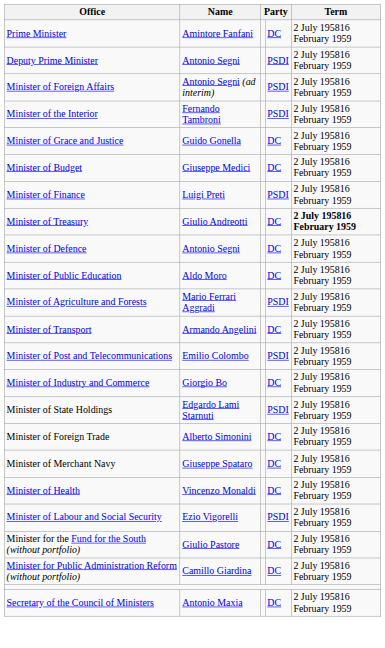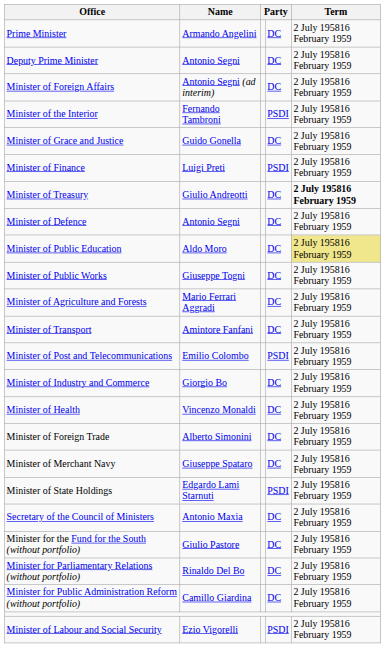 <table class="wikitable">
 <tr>
 <th>Office</th>
 <th>Name</th>
 <th colspan=2>Party</th>
 <th>Term</th>
 </tr>
 <tr>
 <td><a href='#'>Prime Minister</a></td>
-<td><a href='#'>Amintore Fanfani</a></td>
+<td><a href='#'>Armando Angelini</a></td>
 <td></td>
 <td><a href='#'>DC</a></td>
 <td>2 July 195816 February 1959</td>
 </tr>
 <tr>
 <td><a href='#'>Deputy Prime Minister</a></td>
 <td><a href='#'>Antonio Segni</a></td>
 <td></td>
-<td><a href='#'>PSDI</a></td>
+<td><a href='#'>DC</a></td>
 <td>2 July 195816 February 1959</td>
 </tr>
 <tr>
 <td><a href='#'>Minister of Foreign Affairs</a></td>
 <td><a href='#'>Antonio Segni</a> <em>(ad interim)</em></td>
 <td style="color:inherit;background:"></td>
-<td><a href='#'>PSDI</a></td>
+<td><a href='#'>DC</a></td>
 <td>2 July 195816 February 1959</td>
 </tr>
 <tr>
 <td><a href='#'>Minister of the Interior</a></td>
 <td><a href='#'>Fernando Tambroni</a></td>
 <td style="color:inherit;background:"></td>
 <td><a href='#'>PSDI</a></td>
 <td>2 July 195816 February 1959</td>
 </tr>
 <tr>
 <td><a href='#'>Minister of Grace and Justice</a></td>
 <td><a href='#'>Guido Gonella</a></td>
 <td style="color:inherit;background:"></td>
-<td><a href='#'>DC</a></td>
-<td>2 July 195816 February 1959</td>
-</tr>
-<tr>
-<td><a href='#'>Minister of Budget</a></td>
-<td><a href='#'>Giuseppe Medici</a></td>
-<td></td>
 <td><a href='#'>DC</a></td>
 <td>2 July 195816 February 1959</td>
 </tr>
 <tr>
 <td><a href='#'>Minister of Finance</a></td>
 <td><a href='#'>Luigi Preti</a></td>
 <td style="color:inherit;background:"></td>
 <td><a href='#'>PSDI</a></td>
 <td>2 July 195816 February 1959</td>
 </tr>
 <tr>
 <td><a href='#'>Minister of Treasury</a></td>
 <td><a href='#'>Giulio Andreotti</a></td>
 <td></td>
 <td><a href='#'>DC</a></td>
 <td><strong>2 July 195816 February 1959</strong></td>
 </tr>
 <tr>
 <td><a href='#'>Minister of Defence</a></td>
 <td><a href='#'>Antonio Segni</a></td>
 <td style="color:inherit;background:"></td>
 <td><a href='#'>DC</a></td>
 <td>2 July 195816 February 1959</td>
 </tr>
 <tr>
 <td><a href='#'>Minister of Public Education</a></td>
 <td><a href='#'>Aldo Moro</a></td>
 <td style="color:inherit;background:"></td>
 <td><a href='#'>DC</a></td>
+<td style="background: khaki;">2 July 195816 February 1959</td>
+</tr>
+<tr>
+<td><a href='#'>Minister of Public Works</a></td>
+<td><a href='#'>Giuseppe Togni</a></td>
+<td style="color:inherit;background:"></td>
+<td><a href='#'>DC</a></td>
 <td>2 July 195816 February 1959</td>
 </tr>
 <tr>
 <td><a href='#'>Minister of Agriculture and Forests</a></td>
 <td><a href='#'>Mario Ferrari Aggradi</a></td>
 <td style="color:inherit;background:"></td>
-<td><a href='#'>PSDI</a></td>
+<td><a href='#'>DC</a></td>
 <td>2 July 195816 February 1959</td>
 </tr>
 <tr>
 <td><a href='#'>Minister of Transport</a></td>
-<td><a href='#'>Armando Angelini</a></td>
+<td><a href='#'>Amintore Fanfani</a></td>
 <td style="color:inherit;background:"></td>
 <td><a href='#'>DC</a></td>
 <td>2 July 195816 February 1959</td>
 </tr>
 <tr>
 <td><a href='#'>Minister of Post and Telecommunications</a></td>
 <td><a href='#'>Emilio Colombo</a></td>
 <td style="color:inherit;background:"></td>
 <td><a href='#'>PSDI</a></td>
 <td>2 July 195816 February 1959</td>
 </tr>
 <tr>
 <td><a href='#'>Minister of Industry and Commerce</a></td>
 <td><a href='#'>Giorgio Bo</a></td>
 <td style="color:inherit;background:"></td>
 <td><a href='#'>DC</a></td>
 <td>2 July 195816 February 1959</td>
 </tr>
 <tr>
-<td>Minister of State Holdings</td>
-<td><a href='#'>Edgardo Lami Starnuti</a></td>
+<td><a href='#'>Minister of Health</a></td>
+<td><a href='#'>Vincenzo Monaldi</a></td>
 <td style="color:inherit;background:"></td>
-<td><a href='#'>PSDI</a></td>
+<td><a href='#'>DC</a></td>
 <td>2 July 195816 February 1959</td>
 </tr>
 <tr>
 <td>Minister of Foreign Trade</td>
 <td><a href='#'>Alberto Simonini</a></td>
 <td></td>
 <td><a href='#'>DC</a></td>
 <td>2 July 195816 February 1959</td>
 </tr>
 <tr>
 <td>Minister of Merchant Navy</td>
 <td><a href='#'>Giuseppe Spataro</a></td>
 <td></td>
 <td><a href='#'>DC</a></td>
 <td>2 July 195816 February 1959</td>
 </tr>
 <tr>
-<td><a href='#'>Minister of Health</a></td>
-<td><a href='#'>Vincenzo Monaldi</a></td>
+<td>Minister of State Holdings</td>
+<td><a href='#'>Edgardo Lami Starnuti</a></td>
+<td style="color:inherit;background:"></td>
+<td><a href='#'>PSDI</a></td>
+<td>2 July 195816 February 1959</td>
+</tr>
+<tr>
+<td><a href='#'>Secretary of the Council of Ministers</a></td>
+<td><a href='#'>Antonio Maxia</a></td>
 <td style="color:inherit;background:"></td>
 <td><a href='#'>DC</a></td>
 <td>2 July 195816 February 1959</td>
 </tr>
 <tr>
-<td><a href='#'>Minister of Labour and Social Security</a></td>
-<td><a href='#'>Ezio Vigorelli</a></td>
+<td>Minister for the <a href='#'>Fund for the South</a> <em>(without portfolio)</em></td>
+<td><a href='#'>Giulio Pastore</a></td>
 <td style="color:inherit;background:"></td>
-<td><a href='#'>PSDI</a></td>
+<td><a href='#'>DC</a></td>
 <td>2 July 195816 February 1959</td>
 </tr>
 <tr>
-<td>Minister for the <a href='#'>Fund for the South</a> <em>(without portfolio)</em></td>
-<td><a href='#'>Giulio Pastore</a></td>
+<td><a href='#'>Minister for Parliamentary Relations</a> <em>(without portfolio)</em></td>
+<td><a href='#'>Rinaldo Del Bo</a></td>
 <td style="color:inherit;background:"></td>
 <td><a href='#'>DC</a></td>
 <td>2 July 195816 February 1959</td>
 </tr>
 <tr>
 <td><a href='#'>Minister for Public Administration Reform</a> <em>(without portfolio)</em></td>
 <td><a href='#'>Camillo Giardina</a></td>
 <td style="color:inherit;background:"></td>
 <td><a href='#'>DC</a></td>
 <td>2 July 195816 February 1959</td>
 </tr>
 <tr>
 <td colspan="5"></td>
 </tr>
 <tr>
-<td><a href='#'>Secretary of the Council of Ministers</a></td>
-<td><a href='#'>Antonio Maxia</a></td>
+<td><a href='#'>Minister of Labour and Social Security</a></td>
+<td><a href='#'>Ezio Vigorelli</a></td>
 <td style="color:inherit;background:"></td>
-<td><a href='#'>DC</a></td>
+<td><a href='#'>PSDI</a></td>
 <td>2 July 195816 February 1959</td>
 </tr>
 </table>
